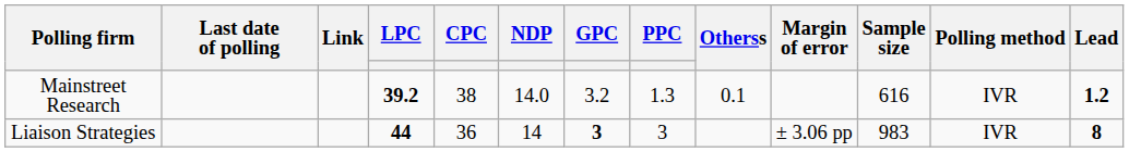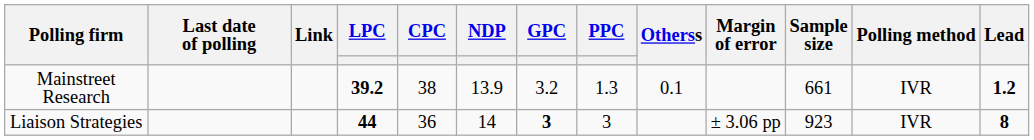 <table class="wikitable sortable mw-datatable" style="text-align:center;font-size:90%;line-height:14px;">
 <tr style="height:40px;">
 <th style="width:105px;" rowspan="2">Polling firm</th>
 <th style="width:105px;" rowspan="2">Last date<br>of polling</th>
 <th rowspan="2">Link</th>
 <th style="width:40px;"><a href='#'>LPC</a></th>
 <th style="width:40px;"><a href='#'>CPC</a></th>
 <th style="width:40px;"><a href='#'>NDP</a></th>
 <th style="width:40px;"><a href='#'>GPC</a></th>
 <th style="width:40px;"><a href='#'>PPC</a></th>
 <th rowspan="2" style="width:40px"><a href='#'>Others</a>s</th>
 <th rowspan="2">Margin<br>of error</th>
 <th rowspan="2">Sample<br>size</th>
 <th rowspan="2">Polling method</th>
 <th rowspan="2">Lead</th>
 </tr>
 <tr class="sorttop">
 <th style="background:"></th>
 <th style="background:"></th>
 <th style="background:"></th>
 <th style="background:"></th>
 <th style="background:"></th>
 </tr>
 <tr>
 <td>Mainstreet Research</td>
 <td></td>
 <td></td>
 <td><strong>39.2</strong></td>
 <td>38</td>
-<td>14.0</td>
+<td>13.9</td>
 <td>3.2</td>
 <td>1.3</td>
 <td>0.1</td>
 <td></td>
-<td>616</td>
+<td>661</td>
 <td>IVR</td>
 <td><strong>1.2</strong></td>
 </tr>
 <tr>
 <td>Liaison Strategies</td>
 <td></td>
 <td></td>
 <td><strong>44</strong></td>
 <td>36</td>
 <td>14</td>
 <td><strong>3</strong></td>
 <td>3</td>
 <td></td>
 <td>± 3.06 pp</td>
-<td>983</td>
+<td>923</td>
 <td>IVR</td>
 <td><strong>8</strong></td>
 </tr>
 </table>
